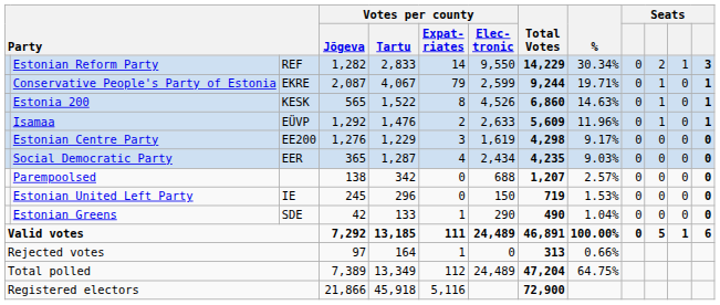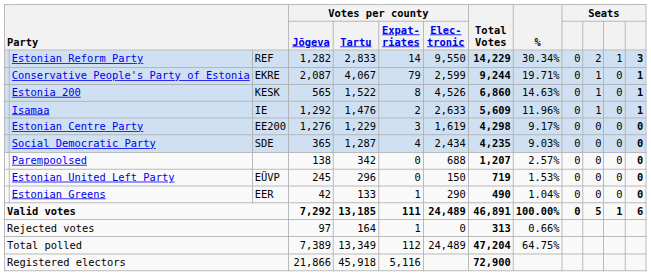 <table class="wikitable" border="1" style="text-align:right;">
 <tr>
 <th style="text-align:left;" valign=bottom rowspan=2 colspan=3>Party</th>
 <th colspan=4>Votes per county</th>
 <th align=center valign=bottom rowspan=2 width="50">Total Votes</th>
 <th align=center valign=bottom rowspan=2 width="50">%</th>
 <th colspan=4>Seats</th>
 </tr>
 <tr>
 <th align=center valign=bottom width="50"><a href='#'>Jõgeva</a></th>
 <th align=center valign=bottom width="50"><a href='#'>Tartu</a></th>
 <th align=center valign=bottom width="50"><a href='#'>Expat- riates</a></th>
 <th align=center valign=bottom width="50"><a href='#'>Elec- tronic</a></th>
 <th align=center valign=bottom width="20"><small></small></th>
 <th align=center valign=bottom width="20"><small></small></th>
 <th align=center valign=bottom width="20"><small></small></th>
 <th align=center valign=bottom width="20"><small></small></th>
 </tr>
 <tr style="background:#CEE0F2;">
 <td style="background:"></td>
 <td align=left><a href='#'>Estonian Reform Party</a></td>
 <td align=left>REF</td>
 <td>1,282</td>
 <td>2,833</td>
 <td>14</td>
 <td>9,550</td>
 <td><strong>14,229</strong></td>
 <td>30.34%</td>
 <td>0</td>
 <td>2</td>
 <td>1</td>
 <td><strong>3</strong></td>
 </tr>
 <tr style="background:#CEE0F2;">
 <td style="background:"></td>
 <td align=left><a href='#'>Conservative People's Party of Estonia</a></td>
 <td align=left>EKRE</td>
 <td>2,087</td>
 <td>4,067</td>
 <td>79</td>
 <td>2,599</td>
 <td><strong>9,244</strong></td>
 <td>19.71%</td>
 <td>0</td>
 <td>1</td>
 <td>0</td>
 <td><strong>1</strong></td>
 </tr>
 <tr style="background:#CEE0F2;">
 <td style="background:"></td>
 <td align=left><a href='#'>Estonia 200</a></td>
 <td align=left>KESK</td>
 <td>565</td>
 <td>1,522</td>
 <td>8</td>
 <td>4,526</td>
 <td><strong>6,860</strong></td>
 <td>14.63%</td>
 <td>0</td>
 <td>1</td>
 <td>0</td>
 <td><strong>1</strong></td>
 </tr>
 <tr style="background:#CEE0F2;">
 <td style="background:"></td>
 <td align=left><a href='#'>Isamaa</a></td>
-<td align=left>EÜVP</td>
+<td align=left>IE</td>
 <td>1,292</td>
 <td>1,476</td>
 <td>2</td>
 <td>2,633</td>
 <td><strong>5,609</strong></td>
 <td>11.96%</td>
 <td>0</td>
 <td>1</td>
 <td>0</td>
 <td><strong>1</strong></td>
 </tr>
 <tr style="background:#CEE0F2;">
 <td style="background:"></td>
 <td align=left><a href='#'>Estonian Centre Party</a></td>
 <td align=left>EE200</td>
 <td>1,276</td>
 <td>1,229</td>
 <td>3</td>
 <td>1,619</td>
 <td><strong>4,298</strong></td>
 <td>9.17%</td>
 <td>0</td>
 <td>0</td>
 <td>0</td>
 <td><strong>0</strong></td>
 </tr>
 <tr style="background:#CEE0F2;">
 <td style="background:"></td>
 <td align=left><a href='#'>Social Democratic Party</a></td>
-<td align=left>EER</td>
+<td align=left>SDE</td>
 <td>365</td>
 <td>1,287</td>
 <td>4</td>
 <td>2,434</td>
 <td><strong>4,235</strong></td>
 <td>9.03%</td>
 <td>0</td>
 <td>0</td>
 <td>0</td>
 <td><strong>0</strong></td>
 </tr>
 <tr>
 <td style="background:"></td>
 <td align=left><a href='#'>Parempoolsed</a></td>
 <td align=left></td>
 <td>138</td>
 <td>342</td>
 <td>0</td>
 <td>688</td>
 <td><strong>1,207</strong></td>
 <td>2.57%</td>
 <td>0</td>
 <td>0</td>
 <td>0</td>
 <td><strong>0</strong></td>
 </tr>
 <tr>
 <td style="background:"></td>
 <td align=left><a href='#'>Estonian United Left Party</a></td>
-<td align=left>IE</td>
+<td align=left>EÜVP</td>
 <td>245</td>
 <td>296</td>
 <td>0</td>
 <td>150</td>
 <td><strong>719</strong></td>
 <td>1.53%</td>
 <td>0</td>
 <td>0</td>
 <td>0</td>
 <td><strong>0</strong></td>
 </tr>
 <tr>
 <td style="background:"></td>
 <td align=left><a href='#'>Estonian Greens</a></td>
-<td align=left>SDE</td>
+<td align=left>EER</td>
 <td>42</td>
 <td>133</td>
 <td>1</td>
 <td>290</td>
 <td><strong>490</strong></td>
 <td>1.04%</td>
 <td>0</td>
 <td>0</td>
 <td>0</td>
 <td><strong>0</strong></td>
 </tr>
 <tr style="font-weight:bold">
 <td align=left colspan=3>Valid votes</td>
 <td>7,292</td>
 <td>13,185</td>
 <td>111</td>
 <td>24,489</td>
 <td>46,891</td>
 <td>100.00%</td>
 <td>0</td>
 <td>5</td>
 <td>1</td>
 <td>6</td>
 </tr>
 <tr>
 <td align=left colspan=3>Rejected votes</td>
 <td>97</td>
 <td>164</td>
 <td>1</td>
 <td>0</td>
 <td><strong>313</strong></td>
 <td>0.66%</td>
 <td></td>
 <td></td>
 <td></td>
 <td></td>
 </tr>
 <tr>
 <td align=left colspan=3>Total polled</td>
 <td>7,389</td>
 <td>13,349</td>
 <td>112</td>
 <td>24,489</td>
 <td><strong>47,204</strong></td>
 <td>64.75%</td>
 <td></td>
 <td></td>
 <td></td>
 <td></td>
 </tr>
 <tr>
 <td align=left colspan=3>Registered electors</td>
 <td>21,866</td>
 <td>45,918</td>
 <td>5,116</td>
 <td></td>
 <td><strong>72,900</strong></td>
 <td></td>
 <td></td>
 <td></td>
 <td></td>
 <td></td>
 </tr>
 </table>
